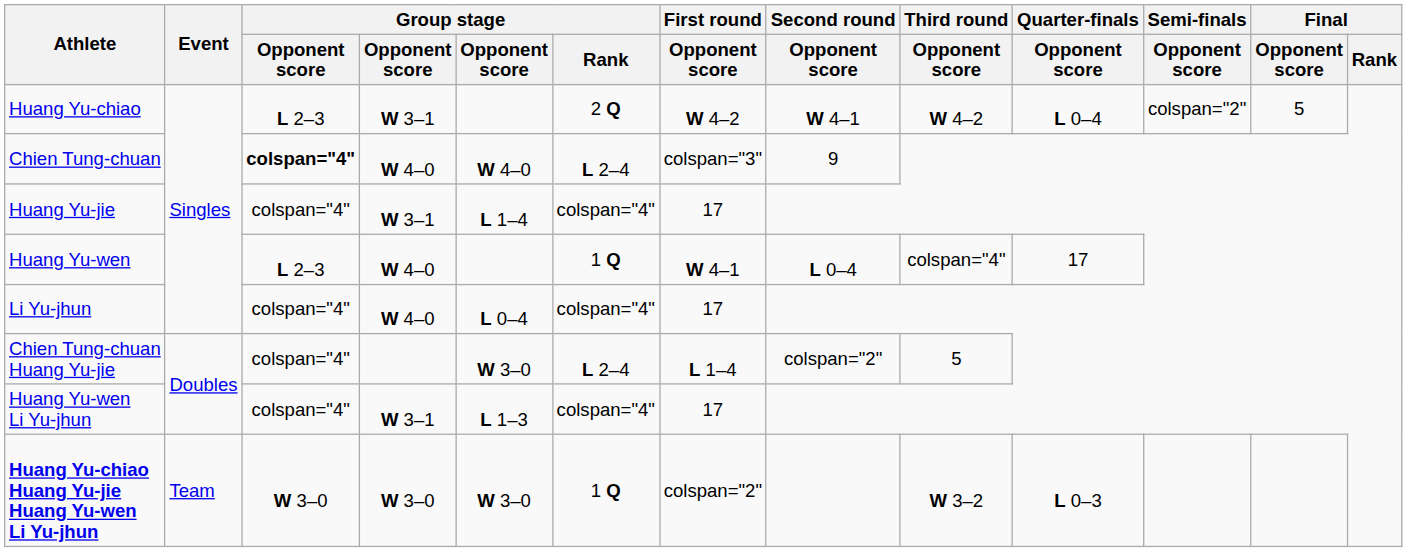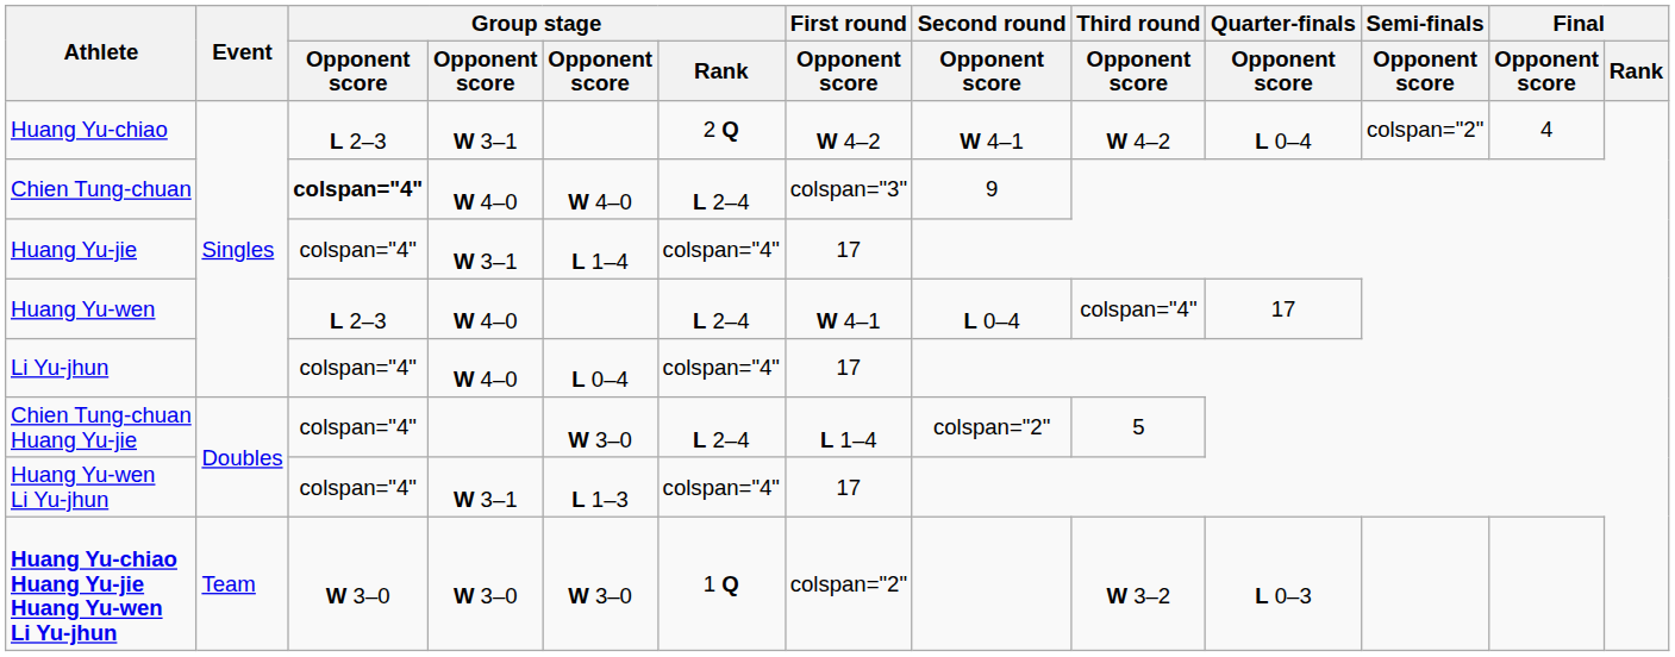 <table class="wikitable" style="font-size:90%; text-align:center">
 <tr>
 <th rowspan="2">Athlete</th>
 <th rowspan="2">Event</th>
 <th colspan="4">Group stage</th>
 <th>First round</th>
 <th>Second round</th>
 <th>Third round</th>
 <th>Quarter-finals</th>
 <th>Semi-finals</th>
 <th colspan="2">Final</th>
 </tr>
 <tr>
 <th>Opponent<br>score</th>
 <th>Opponent<br>score</th>
 <th>Opponent<br>score</th>
 <th>Rank</th>
 <th>Opponent<br>score</th>
 <th>Opponent<br>score</th>
 <th>Opponent<br>score</th>
 <th>Opponent<br>score</th>
 <th>Opponent<br>score</th>
 <th>Opponent<br>score</th>
 <th>Rank</th>
 </tr>
 <tr>
 <td align="left"><a href='#'>Huang Yu-chiao</a></td>
 <td align="left" rowspan="5"><a href='#'>Singles</a></td>
 <td><br><strong>L</strong> 2–3</td>
 <td><br><strong>W</strong> 3–1</td>
 <td></td>
 <td>2 <strong>Q</strong></td>
 <td><br><strong>W</strong> 4–2</td>
 <td><br><strong>W</strong> 4–1</td>
 <td><br><strong>W</strong> 4–2</td>
 <td><br><strong>L</strong> 0–4</td>
 <td>colspan="2" </td>
-<td>5</td>
+<td>4</td>
 </tr>
 <tr>
 <td align="left"><a href='#'>Chien Tung-chuan</a></td>
 <td><strong>colspan="4" </strong></td>
 <td><br><strong>W</strong> 4–0</td>
 <td><br><strong>W</strong> 4–0</td>
 <td><br><strong>L</strong> 2–4</td>
 <td>colspan="3" </td>
 <td>9</td>
 </tr>
 <tr>
 <td align="left"><a href='#'>Huang Yu-jie</a></td>
 <td>colspan="4" </td>
 <td><br><strong>W</strong> 3–1</td>
 <td><br><strong>L</strong> 1–4</td>
 <td>colspan="4" </td>
 <td>17</td>
 </tr>
 <tr>
 <td align="left"><a href='#'>Huang Yu-wen</a></td>
 <td><br><strong>L</strong> 2–3</td>
 <td><br><strong>W</strong> 4–0</td>
 <td></td>
-<td>1 <strong>Q</strong></td>
+<td><br><strong>L</strong> 2–4</td>
 <td><br><strong>W</strong> 4–1</td>
 <td><br><strong>L</strong> 0–4</td>
 <td>colspan="4" </td>
 <td>17</td>
 </tr>
 <tr>
 <td align="left"><a href='#'>Li Yu-jhun</a></td>
 <td>colspan="4" </td>
 <td><br><strong>W</strong> 4–0</td>
 <td><br><strong>L</strong> 0–4</td>
 <td>colspan="4" </td>
 <td>17</td>
 </tr>
 <tr>
 <td align="left"><a href='#'>Chien Tung-chuan</a><br><a href='#'>Huang Yu-jie</a></td>
 <td align="left" rowspan="2"><a href='#'>Doubles</a></td>
 <td>colspan="4" </td>
 <td></td>
 <td><br><strong>W</strong> 3–0</td>
 <td><br><strong>L</strong> 2–4</td>
 <td><br><strong>L</strong> 1–4</td>
 <td>colspan="2" </td>
 <td>5</td>
 </tr>
 <tr>
 <td align="left"><a href='#'>Huang Yu-wen</a><br><a href='#'>Li Yu-jhun</a></td>
 <td>colspan="4" </td>
 <td><br><strong>W</strong> 3–1</td>
 <td><br><strong>L</strong> 1–3</td>
 <td>colspan="4" </td>
 <td>17</td>
 </tr>
 <tr>
 <td align="left"><strong><br><a href='#'>Huang Yu-chiao</a><br><a href='#'>Huang Yu-jie</a><br><a href='#'>Huang Yu-wen</a><br><a href='#'>Li Yu-jhun</a></strong></td>
 <td align="left"><a href='#'>Team</a></td>
 <td><br><strong>W</strong> 3–0</td>
 <td><br><strong>W</strong> 3–0</td>
 <td><br><strong>W</strong> 3–0</td>
 <td>1 <strong>Q</strong></td>
 <td>colspan="2" </td>
 <td></td>
 <td><br><strong>W</strong> 3–2</td>
 <td><br><strong>L</strong> 0–3</td>
 <td></td>
 <td></td>
 </tr>
 </table>
